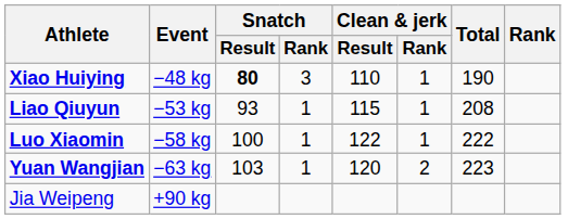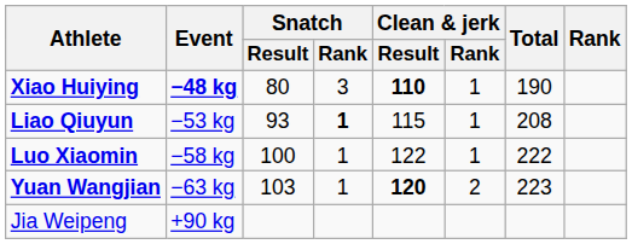 <table class="wikitable" style="font-size:90%">
 <tr>
 <th rowspan="2">Athlete</th>
 <th rowspan="2">Event</th>
 <th colspan="2">Snatch</th>
 <th colspan="2">Clean & jerk</th>
 <th rowspan="2">Total</th>
 <th rowspan="2">Rank</th>
 </tr>
 <tr style="font-size:95%">
 <th>Result</th>
 <th>Rank</th>
 <th>Result</th>
 <th>Rank</th>
 </tr>
 <tr align=center>
 <td align=left><strong><a href='#'>Xiao Huiying</a></strong></td>
-<td align=left><a href='#'>−48 kg</a></td>
-<td><strong>80</strong></td>
+<td align=left><strong><a href='#'>−48 kg</a></strong></td>
+<td>80</td>
 <td>3</td>
-<td>110</td>
+<td><strong>110</strong></td>
 <td>1</td>
 <td>190</td>
 <td></td>
 </tr>
 <tr align=center>
 <td align=left><strong><a href='#'>Liao Qiuyun</a></strong></td>
 <td align=left><a href='#'>−53 kg</a></td>
 <td>93</td>
-<td>1</td>
+<td><strong>1</strong></td>
 <td>115</td>
 <td>1</td>
 <td>208</td>
 <td></td>
 </tr>
 <tr align=center>
 <td align=left><strong><a href='#'>Luo Xiaomin</a></strong></td>
 <td align=left><a href='#'>−58 kg</a></td>
 <td>100</td>
 <td>1</td>
 <td>122</td>
 <td>1</td>
 <td>222</td>
 <td></td>
 </tr>
 <tr align=center>
 <td align=left><strong><a href='#'>Yuan Wangjian</a></strong></td>
 <td align=left><a href='#'>−63 kg</a></td>
 <td>103</td>
 <td>1</td>
-<td>120</td>
+<td><strong>120</strong></td>
 <td>2</td>
 <td>223</td>
 <td></td>
 </tr>
 <tr align=center>
 <td align=left><a href='#'>Jia Weipeng</a></td>
 <td align=left><a href='#'>+90 kg</a></td>
 <td></td>
 <td></td>
 <td></td>
 <td></td>
 <td></td>
 <td></td>
 </tr>
 </table>
